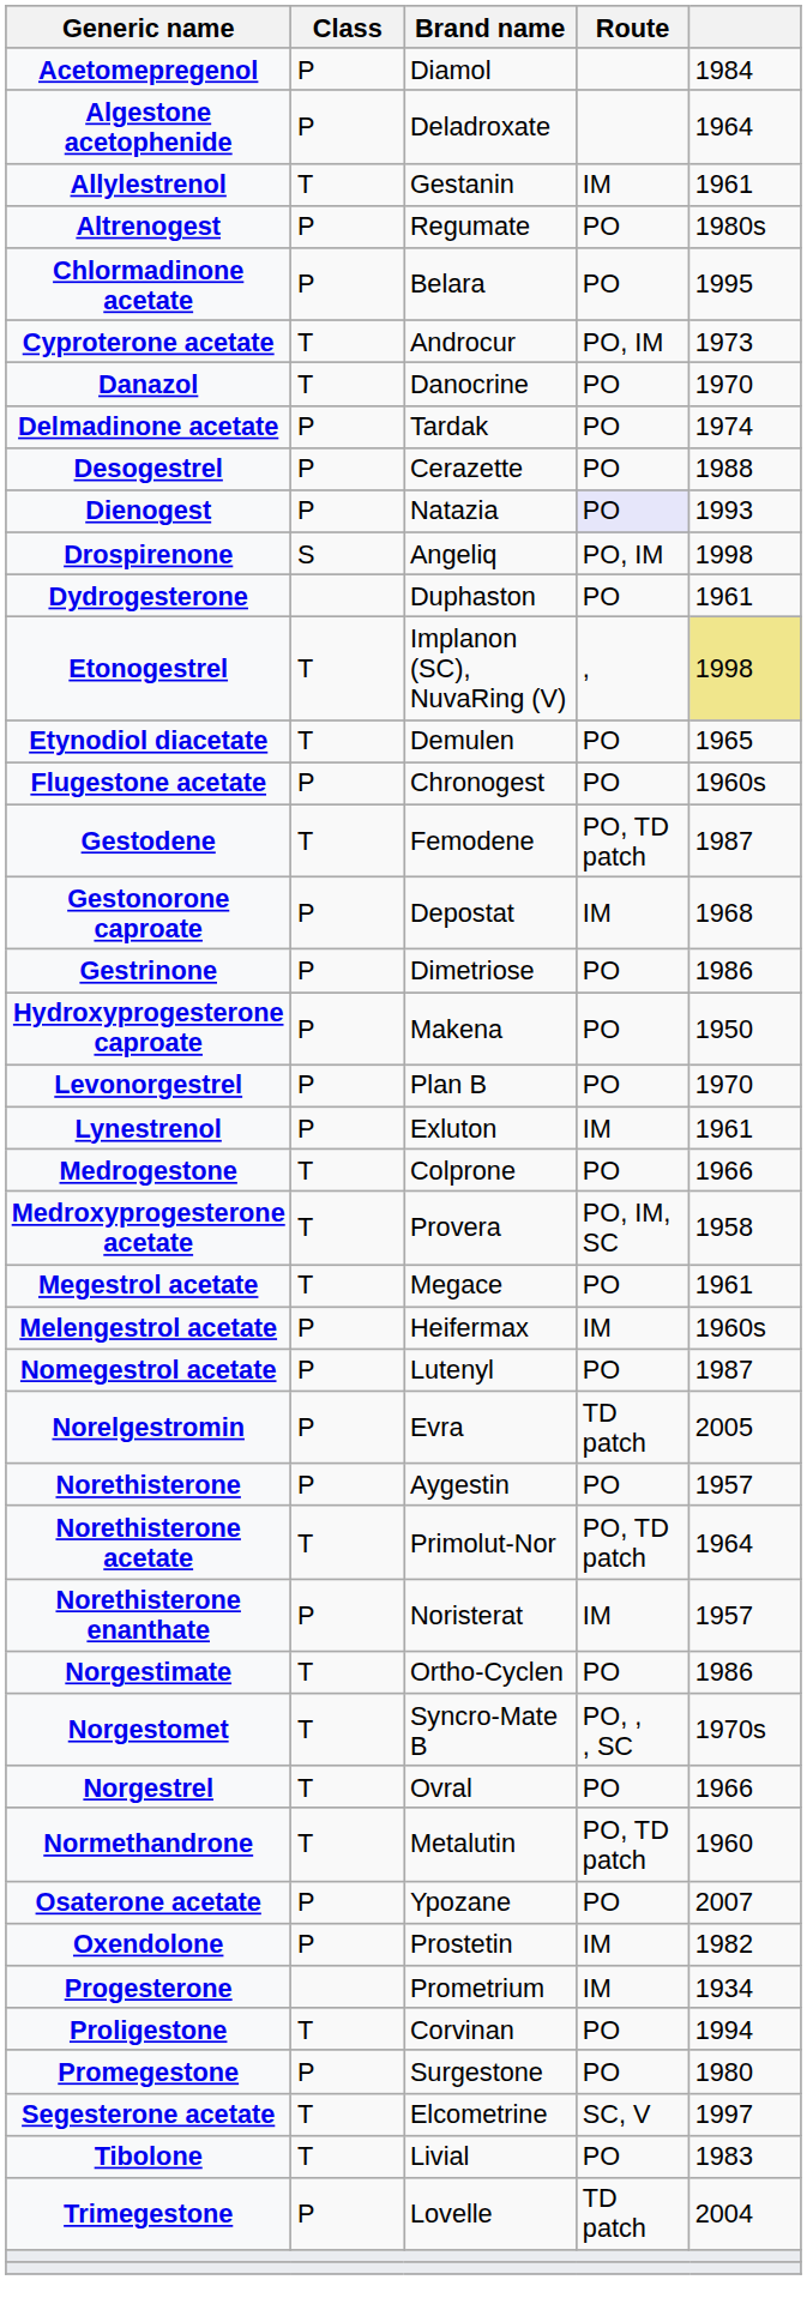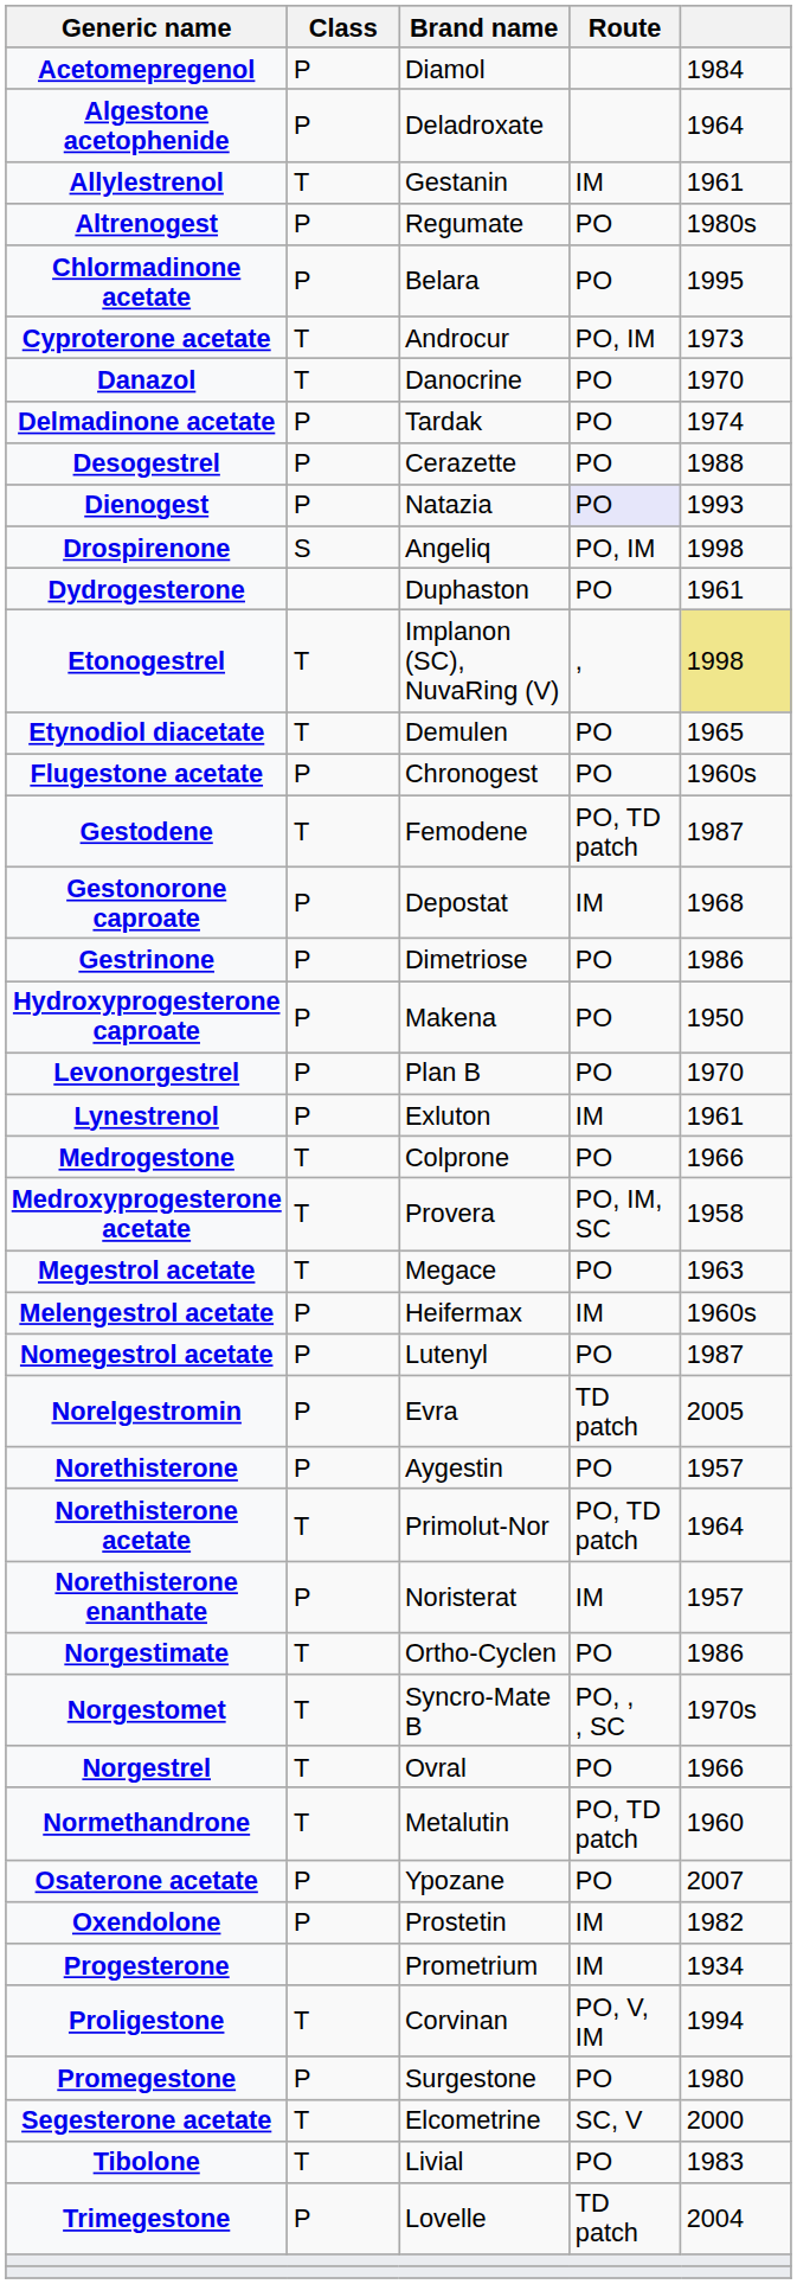 <table class="wikitable floatright plainrowheaders" style="font-size:small; margin-left: auto; margin-right: auto; border: none;">
 <tr>
 <th scope="col" style="width:100px;">Generic name</th>
 <th scope="col" style="width:50px;">Class</th>
 <th scope="col" style="width:80px;">Brand name</th>
 <th scope="col" style="width:50px;">Route</th>
 <th scope="col" style="width:50px;"></th>
 </tr>
 <tr>
 <th scope="row" style="background: #f8f9fa;"><a href='#'>Acetomepregenol</a></th>
 <td>P</td>
 <td>Diamol</td>
 <td></td>
 <td>1984</td>
 </tr>
 <tr>
 <th scope="row" style="background: #f8f9fa;"><a href='#'>Algestone acetophenide</a></th>
 <td>P</td>
 <td>Deladroxate</td>
 <td></td>
 <td>1964</td>
 </tr>
 <tr>
 <th scope="row" style="background: #f8f9fa;"><a href='#'>Allylestrenol</a></th>
 <td>T</td>
 <td>Gestanin</td>
 <td>IM</td>
 <td>1961</td>
 </tr>
 <tr>
 <th scope="row" style="background: #f8f9fa;"><a href='#'>Altrenogest</a></th>
 <td>P</td>
 <td>Regumate</td>
 <td>PO</td>
 <td>1980s</td>
 </tr>
 <tr>
 <th scope="row" style="background: #f8f9fa;"><a href='#'>Chlormadinone acetate</a></th>
 <td>P</td>
 <td>Belara</td>
 <td>PO</td>
 <td>1995</td>
 </tr>
 <tr>
 <th scope="row" style="background: #f8f9fa;"><a href='#'>Cyproterone acetate</a></th>
 <td>T</td>
 <td>Androcur</td>
 <td>PO, IM</td>
 <td>1973</td>
 </tr>
 <tr>
 <th scope="row" style="background: #f8f9fa;"><a href='#'>Danazol</a></th>
 <td>T</td>
 <td>Danocrine</td>
 <td>PO</td>
 <td>1970</td>
 </tr>
 <tr>
 <th scope="row" style="background: #f8f9fa;"><a href='#'>Delmadinone acetate</a></th>
 <td>P</td>
 <td>Tardak</td>
 <td>PO</td>
 <td>1974</td>
 </tr>
 <tr>
 <th scope="row" style="background: #f8f9fa;"><a href='#'>Desogestrel</a></th>
 <td>P</td>
 <td>Cerazette</td>
 <td>PO</td>
 <td>1988</td>
 </tr>
 <tr>
 <th scope="row" style="background: #f8f9fa;"><a href='#'>Dienogest</a></th>
 <td>P</td>
 <td>Natazia</td>
 <td style="background: lavender;">PO</td>
 <td>1993</td>
 </tr>
 <tr>
 <th scope="row" style="background: #f8f9fa;"><a href='#'>Drospirenone</a></th>
 <td>S</td>
 <td>Angeliq</td>
 <td>PO, IM</td>
 <td>1998</td>
 </tr>
 <tr>
 <th scope="row" style="background: #f8f9fa;"><a href='#'>Dydrogesterone</a></th>
 <td></td>
 <td>Duphaston</td>
 <td>PO</td>
 <td>1961</td>
 </tr>
 <tr>
 <th scope="row" style="background: #f8f9fa;"><a href='#'>Etonogestrel</a></th>
 <td>T</td>
 <td>Implanon (SC), NuvaRing (V)</td>
 <td><a href='#'></a>, </td>
 <td style="background: khaki;">1998</td>
 </tr>
 <tr>
 <th scope="row" style="background: #f8f9fa;"><a href='#'>Etynodiol diacetate</a></th>
 <td>T</td>
 <td>Demulen</td>
 <td>PO</td>
 <td>1965</td>
 </tr>
 <tr>
 <th scope="row" style="background: #f8f9fa;"><a href='#'>Flugestone acetate</a></th>
 <td>P</td>
 <td>Chronogest</td>
 <td>PO</td>
 <td>1960s</td>
 </tr>
 <tr>
 <th scope="row" style="background: #f8f9fa;"><a href='#'>Gestodene</a></th>
 <td>T</td>
 <td>Femodene</td>
 <td>PO, TD patch</td>
 <td>1987</td>
 </tr>
 <tr>
 <th scope="row" style="background: #f8f9fa;"><a href='#'>Gestonorone caproate</a></th>
 <td>P</td>
 <td>Depostat</td>
 <td>IM</td>
 <td>1968</td>
 </tr>
 <tr>
 <th scope="row" style="background: #f8f9fa;"><a href='#'>Gestrinone</a></th>
 <td>P</td>
 <td>Dimetriose</td>
 <td>PO</td>
 <td>1986</td>
 </tr>
 <tr>
 <th scope="row" style="background: #f8f9fa;"><a href='#'>Hydroxyprogesterone caproate</a></th>
 <td>P</td>
 <td>Makena</td>
 <td>PO</td>
 <td>1950</td>
 </tr>
 <tr>
 <th scope="row" style="background: #f8f9fa;"><a href='#'>Levonorgestrel</a></th>
 <td>P</td>
 <td>Plan B</td>
 <td>PO</td>
 <td>1970</td>
 </tr>
 <tr>
 <th scope="row" style="background: #f8f9fa;"><a href='#'>Lynestrenol</a></th>
 <td>P</td>
 <td>Exluton</td>
 <td>IM</td>
 <td>1961</td>
 </tr>
 <tr>
 <th scope="row" style="background: #f8f9fa;"><a href='#'>Medrogestone</a></th>
 <td>T</td>
 <td>Colprone</td>
 <td>PO</td>
 <td>1966</td>
 </tr>
 <tr>
 <th scope="row" style="background: #f8f9fa;"><a href='#'>Medroxyprogesterone acetate</a></th>
 <td>T</td>
 <td>Provera</td>
 <td>PO, IM, SC</td>
 <td>1958</td>
 </tr>
 <tr>
 <th scope="row" style="background: #f8f9fa;"><a href='#'>Megestrol acetate</a></th>
 <td>T</td>
 <td>Megace</td>
 <td>PO</td>
-<td>1961</td>
+<td>1963</td>
 </tr>
 <tr>
 <th scope="row" style="background: #f8f9fa;"><a href='#'>Melengestrol acetate</a></th>
 <td>P</td>
 <td>Heifermax</td>
 <td>IM</td>
 <td>1960s</td>
 </tr>
 <tr>
 <th scope="row" style="background: #f8f9fa;"><a href='#'>Nomegestrol acetate</a></th>
 <td>P</td>
 <td>Lutenyl</td>
 <td>PO</td>
 <td>1987</td>
 </tr>
 <tr>
 <th scope="row" style="background: #f8f9fa;"><a href='#'>Norelgestromin</a></th>
 <td>P</td>
 <td>Evra</td>
 <td>TD patch</td>
 <td>2005</td>
 </tr>
 <tr>
 <th scope="row" style="background: #f8f9fa;"><a href='#'>Norethisterone</a></th>
 <td>P</td>
 <td>Aygestin</td>
 <td>PO</td>
 <td>1957</td>
 </tr>
 <tr>
 <th scope="row" style="background: #f8f9fa;"><a href='#'>Norethisterone acetate</a></th>
 <td>T</td>
 <td>Primolut-Nor</td>
 <td>PO, TD patch</td>
 <td>1964</td>
 </tr>
 <tr>
 <th scope="row" style="background: #f8f9fa;"><a href='#'>Norethisterone enanthate</a></th>
 <td>P</td>
 <td>Noristerat</td>
 <td>IM</td>
 <td>1957</td>
 </tr>
 <tr>
 <th scope="row" style="background: #f8f9fa;"><a href='#'>Norgestimate</a></th>
 <td>T</td>
 <td>Ortho-Cyclen</td>
 <td>PO</td>
 <td>1986</td>
 </tr>
 <tr>
 <th scope="row" style="background: #f8f9fa;"><a href='#'>Norgestomet</a></th>
 <td>T</td>
 <td>Syncro-Mate B</td>
 <td>PO, ,<br>, SC</td>
 <td>1970s</td>
 </tr>
 <tr>
 <th scope="row" style="background: #f8f9fa;"><a href='#'>Norgestrel</a></th>
 <td>T</td>
 <td>Ovral</td>
 <td>PO</td>
 <td>1966</td>
 </tr>
 <tr>
 <th scope="row" style="background: #f8f9fa;"><a href='#'>Normethandrone</a></th>
 <td>T</td>
 <td>Metalutin</td>
 <td>PO, TD patch</td>
 <td>1960</td>
 </tr>
 <tr>
 <th scope="row" style="background: #f8f9fa;"><a href='#'>Osaterone acetate</a></th>
 <td>P</td>
 <td>Ypozane</td>
 <td>PO</td>
 <td>2007</td>
 </tr>
 <tr>
 <th scope="row" style="background: #f8f9fa;"><a href='#'>Oxendolone</a></th>
 <td>P</td>
 <td>Prostetin</td>
 <td>IM</td>
 <td>1982</td>
 </tr>
 <tr>
 <th scope="row" style="background: #f8f9fa;"><a href='#'>Progesterone</a></th>
 <td></td>
 <td>Prometrium</td>
 <td>IM</td>
 <td>1934</td>
 </tr>
 <tr>
 <th scope="row" style="background: #f8f9fa;"><a href='#'>Proligestone</a></th>
 <td>T</td>
 <td>Corvinan</td>
-<td>PO</td>
+<td>PO, V, IM</td>
 <td>1994</td>
 </tr>
 <tr>
 <th scope="row" style="background: #f8f9fa;"><a href='#'>Promegestone</a></th>
 <td>P</td>
 <td>Surgestone</td>
 <td>PO</td>
 <td>1980</td>
 </tr>
 <tr>
 <th scope="row" style="background: #f8f9fa;"><a href='#'>Segesterone acetate</a></th>
 <td>T</td>
 <td>Elcometrine</td>
 <td>SC, V</td>
-<td>1997</td>
+<td>2000</td>
 </tr>
 <tr>
 <th scope="row" style="background: #f8f9fa;"><a href='#'>Tibolone</a></th>
 <td>T</td>
 <td>Livial</td>
 <td>PO</td>
 <td>1983</td>
 </tr>
 <tr>
 <th scope="row" style="background: #f8f9fa;"><a href='#'>Trimegestone</a></th>
 <td>P</td>
 <td>Lovelle</td>
 <td>TD patch</td>
 <td>2004</td>
 </tr>
 <tr class="sortbottom">
 <td colspan="6" style="width: 1px; background-color:#eaecf0; text-align: center;"></td>
 </tr>
 <tr>
 <td colspan="6" style="width: 1px; background-color:#eaecf0; text-align: center;"></td>
 </tr>
 </table>
